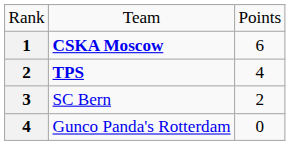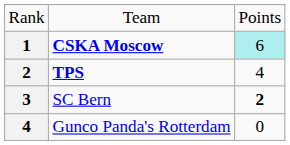 <table class="wikitable" style="text-align: center;">
 <tr>
 <td>Rank</td>
 <td>Team</td>
 <td>Points</td>
 </tr>
 <tr>
 <th>1</th>
 <td style="text-align: left;"> <strong><a href='#'>CSKA Moscow</a></strong></td>
-<td>6</td>
+<td style="background: paleturquoise;">6</td>
 </tr>
 <tr>
 <th>2</th>
 <td style="text-align: left;"> <strong><a href='#'>TPS</a></strong></td>
 <td>4</td>
 </tr>
 <tr>
 <th>3</th>
 <td style="text-align: left;"> <a href='#'>SC Bern</a></td>
-<td>2</td>
+<td><strong>2</strong></td>
 </tr>
 <tr>
 <th>4</th>
 <td style="text-align: left;"> <a href='#'>Gunco Panda's Rotterdam</a></td>
 <td>0</td>
 </tr>
 </table>
